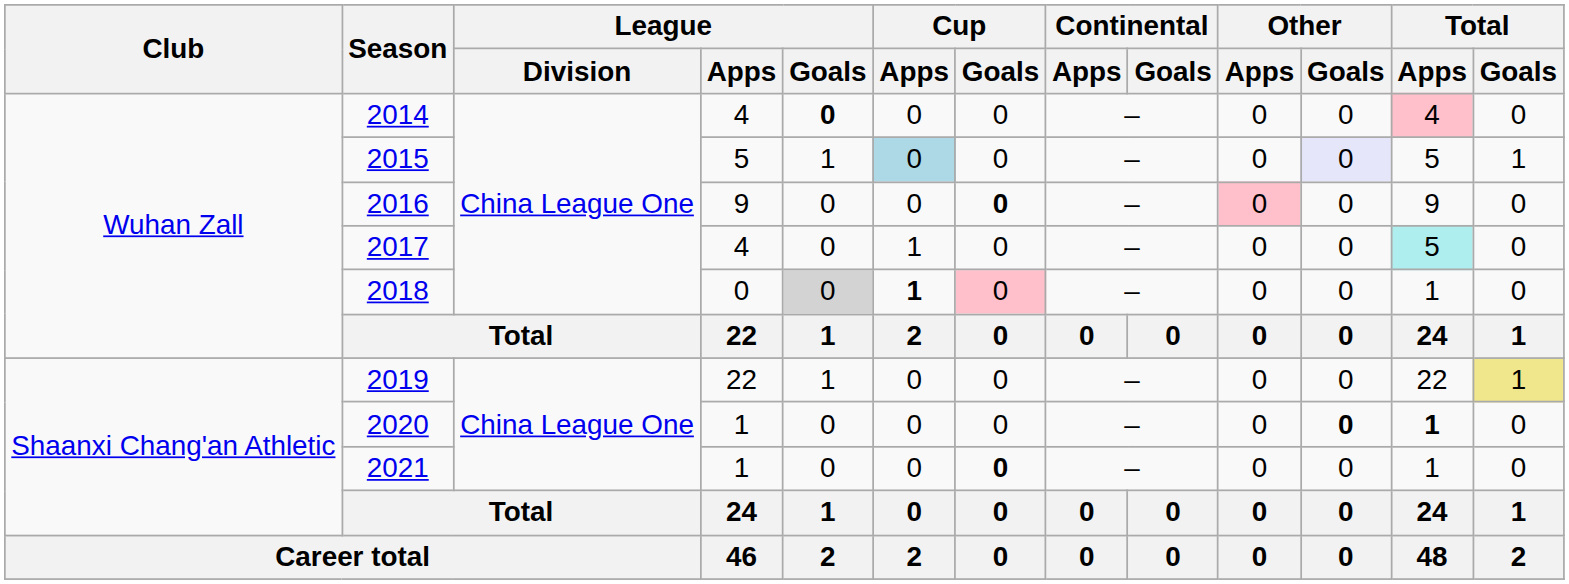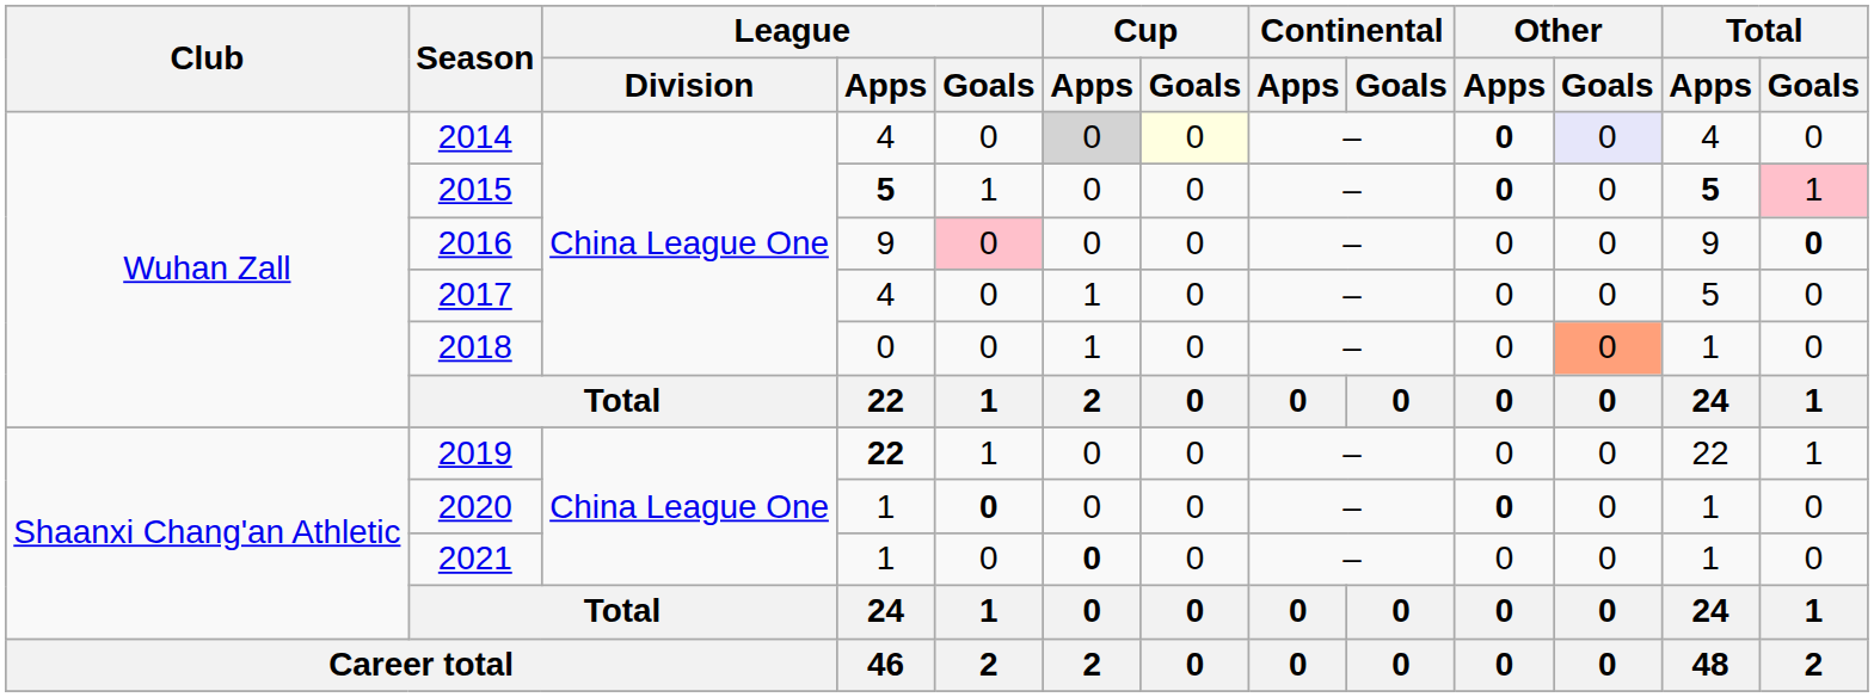 <table class="wikitable" style="text-align: center">
 <tr>
 <th rowspan="2">Club</th>
 <th rowspan="2">Season</th>
 <th colspan="3">League</th>
 <th colspan="2">Cup</th>
 <th colspan="2">Continental</th>
 <th colspan="2">Other</th>
 <th colspan="2">Total</th>
 </tr>
 <tr>
 <th>Division</th>
 <th>Apps</th>
 <th>Goals</th>
 <th>Apps</th>
 <th>Goals</th>
 <th>Apps</th>
 <th>Goals</th>
 <th>Apps</th>
 <th>Goals</th>
 <th>Apps</th>
 <th>Goals</th>
 </tr>
 <tr>
 <td rowspan="6"><a href='#'>Wuhan Zall</a></td>
 <td><a href='#'>2014</a></td>
 <td rowspan="5"><a href='#'>China League One</a></td>
 <td>4</td>
+<td>0</td>
+<td style="background: lightgrey;">0</td>
+<td style="background: lightyellow;">0</td>
+<td colspan="2">–</td>
 <td><strong>0</strong></td>
+<td style="background: lavender;">0</td>
+<td>4</td>
+<td>0</td>
+</tr>
+<tr>
+<td><a href='#'>2015</a></td>
+<td><strong>5</strong></td>
+<td>1</td>
+<td>0</td>
+<td>0</td>
+<td colspan="2">–</td>
+<td><strong>0</strong></td>
+<td>0</td>
+<td><strong>5</strong></td>
+<td style="background: pink;">1</td>
+</tr>
+<tr>
+<td><a href='#'>2016</a></td>
+<td>9</td>
+<td style="background: pink;">0</td>
 <td>0</td>
 <td>0</td>
 <td colspan="2">–</td>
 <td>0</td>
 <td>0</td>
-<td style="background: pink;">4</td>
-<td>0</td>
-</tr>
-<tr>
-<td><a href='#'>2015</a></td>
-<td>5</td>
-<td>1</td>
-<td style="background: lightblue;">0</td>
-<td>0</td>
-<td colspan="2">–</td>
-<td>0</td>
-<td style="background: lavender;">0</td>
-<td>5</td>
-<td>1</td>
-</tr>
-<tr>
-<td><a href='#'>2016</a></td>
 <td>9</td>
-<td>0</td>
-<td>0</td>
 <td><strong>0</strong></td>
-<td colspan="2">–</td>
-<td style="background: pink;">0</td>
-<td>0</td>
-<td>9</td>
-<td>0</td>
 </tr>
 <tr>
 <td><a href='#'>2017</a></td>
 <td>4</td>
 <td>0</td>
 <td>1</td>
 <td>0</td>
 <td colspan="2">–</td>
 <td>0</td>
 <td>0</td>
-<td style="background: paleturquoise;">5</td>
+<td>5</td>
 <td>0</td>
 </tr>
 <tr>
 <td><a href='#'>2018</a></td>
 <td>0</td>
-<td style="background: lightgrey;">0</td>
-<td><strong>1</strong></td>
-<td style="background: pink;">0</td>
+<td>0</td>
+<td>1</td>
+<td>0</td>
 <td colspan="2">–</td>
 <td>0</td>
-<td>0</td>
+<td style="background: lightsalmon;">0</td>
 <td>1</td>
 <td>0</td>
 </tr>
 <tr>
 <th colspan=2>Total</th>
 <th>22</th>
 <th>1</th>
 <th>2</th>
 <th>0</th>
 <th>0</th>
 <th>0</th>
 <th>0</th>
 <th>0</th>
 <th>24</th>
 <th>1</th>
 </tr>
 <tr>
 <td rowspan="4"><a href='#'>Shaanxi Chang'an Athletic</a></td>
 <td><a href='#'>2019</a></td>
 <td rowspan="3"><a href='#'>China League One</a></td>
-<td>22</td>
+<td><strong>22</strong></td>
 <td>1</td>
 <td>0</td>
 <td>0</td>
 <td colspan="2">–</td>
 <td>0</td>
 <td>0</td>
 <td>22</td>
-<td style="background: khaki;">1</td>
+<td>1</td>
 </tr>
 <tr>
 <td><a href='#'>2020</a></td>
 <td>1</td>
-<td>0</td>
+<td><strong>0</strong></td>
 <td>0</td>
 <td>0</td>
 <td colspan="2">–</td>
+<td><strong>0</strong></td>
 <td>0</td>
-<td><strong>0</strong></td>
-<td><strong>1</strong></td>
+<td>1</td>
 <td>0</td>
 </tr>
 <tr>
 <td><a href='#'>2021</a></td>
 <td>1</td>
 <td>0</td>
+<td><strong>0</strong></td>
 <td>0</td>
-<td><strong>0</strong></td>
 <td colspan="2">–</td>
 <td>0</td>
 <td>0</td>
 <td>1</td>
 <td>0</td>
 </tr>
 <tr>
 <th colspan=2>Total</th>
 <th>24</th>
 <th>1</th>
 <th>0</th>
 <th>0</th>
 <th>0</th>
 <th>0</th>
 <th>0</th>
 <th>0</th>
 <th>24</th>
 <th>1</th>
 </tr>
 <tr>
 <th colspan=3>Career total</th>
 <th>46</th>
 <th>2</th>
 <th>2</th>
 <th>0</th>
 <th>0</th>
 <th>0</th>
 <th>0</th>
 <th>0</th>
 <th>48</th>
 <th>2</th>
 </tr>
 </table>
